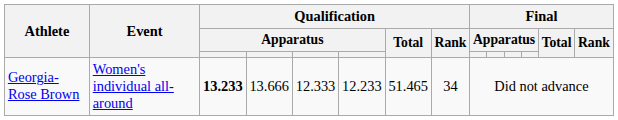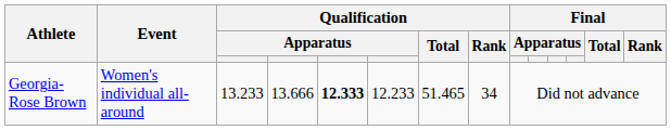 <table class=wikitable style=font-size:90%>
 <tr>
 <th rowspan=3>Athlete</th>
 <th rowspan=3>Event</th>
 <th colspan=6>Qualification</th>
 <th colspan=6>Final</th>
 </tr>
 <tr style=font-size:95%>
 <th colspan=4>Apparatus</th>
 <th rowspan=2>Total</th>
 <th rowspan=2>Rank</th>
 <th colspan=4>Apparatus</th>
 <th rowspan=2>Total</th>
 <th rowspan=2>Rank</th>
 </tr>
 <tr style=font-size:95%>
 <th></th>
 <th></th>
 <th></th>
 <th></th>
 <th></th>
 <th></th>
 <th></th>
 <th></th>
 </tr>
 <tr align=center>
 <td align=left><a href='#'>Georgia-Rose Brown</a></td>
 <td align=left><a href='#'>Women's individual all-around</a></td>
-<td><strong>13.233</strong></td>
+<td>13.233</td>
 <td>13.666</td>
-<td>12.333</td>
+<td><strong>12.333</strong></td>
 <td>12.233</td>
 <td>51.465</td>
 <td>34</td>
 <td colspan=6>Did not advance</td>
 </tr>
 </table>
